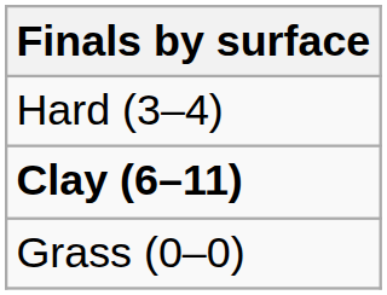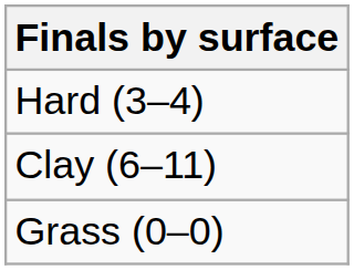 <table class="wikitable" style=font-size:97%>
 <tr>
 <th>Finals by surface</th>
 </tr>
 <tr>
 <td>Hard (3–4)</td>
 </tr>
 <tr>
-<td><strong>Clay (6–11)</strong></td>
+<td>Clay (6–11)</td>
 </tr>
 <tr>
 <td>Grass (0–0)</td>
 </tr>
 </table>
